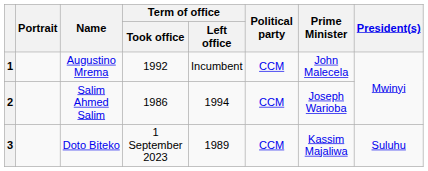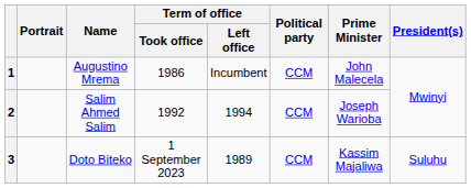 <table class="wikitable" style="text-align:center">
 <tr>
 <th rowspan="2"></th>
 <th rowspan="2">Portrait</th>
 <th rowspan="2">Name<br></th>
 <th colspan="2">Term of office</th>
 <th rowspan="2">Political party</th>
 <th rowspan="2">Prime Minister</th>
 <th rowspan="2"><a href='#'>President(s)</a></th>
 </tr>
 <tr>
 <th>Took office</th>
 <th>Left office</th>
 </tr>
 <tr>
 <th style="background:">1</th>
 <td></td>
 <td><a href='#'>Augustino Mrema</a><br></td>
-<td>1992</td>
+<td>1986</td>
 <td>Incumbent</td>
 <td><a href='#'>CCM</a></td>
 <td><a href='#'>John Malecela</a></td>
 <td rowspan=2><a href='#'>Mwinyi</a></td>
 </tr>
 <tr>
 <th style="background:">2</th>
 <td></td>
 <td><a href='#'>Salim Ahmed Salim</a><br></td>
-<td>1986</td>
+<td>1992</td>
 <td>1994</td>
 <td><a href='#'>CCM</a></td>
 <td><a href='#'>Joseph Warioba</a></td>
 </tr>
 <tr>
 <th style="background:">3</th>
 <td></td>
 <td><a href='#'>Doto Biteko</a><br></td>
 <td>1 September 2023</td>
 <td>1989</td>
 <td><a href='#'>CCM</a></td>
 <td><a href='#'>Kassim Majaliwa</a></td>
 <td><a href='#'>Suluhu</a></td>
 </tr>
 </table>
